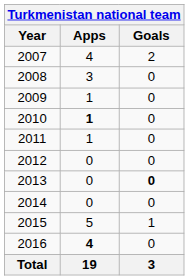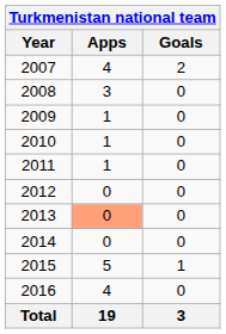 <table class="wikitable" style="text-align:center">
 <tr>
 <th colspan=3><a href='#'>Turkmenistan national team</a></th>
 </tr>
 <tr>
 <th>Year</th>
 <th>Apps</th>
 <th>Goals</th>
 </tr>
 <tr>
 <td>2007</td>
 <td>4</td>
 <td>2</td>
 </tr>
 <tr>
 <td>2008</td>
 <td>3</td>
 <td>0</td>
 </tr>
 <tr>
 <td>2009</td>
 <td>1</td>
 <td>0</td>
 </tr>
 <tr>
 <td>2010</td>
-<td><strong>1</strong></td>
+<td>1</td>
 <td>0</td>
 </tr>
 <tr>
 <td>2011</td>
 <td>1</td>
 <td>0</td>
 </tr>
 <tr>
 <td>2012</td>
 <td>0</td>
 <td>0</td>
 </tr>
 <tr>
 <td>2013</td>
+<td style="background: lightsalmon;">0</td>
 <td>0</td>
-<td><strong>0</strong></td>
 </tr>
 <tr>
 <td>2014</td>
 <td>0</td>
 <td>0</td>
 </tr>
 <tr>
 <td>2015</td>
 <td>5</td>
 <td>1</td>
 </tr>
 <tr>
 <td>2016</td>
-<td><strong>4</strong></td>
+<td>4</td>
 <td>0</td>
 </tr>
 <tr>
 <th>Total</th>
 <th>19</th>
 <th>3</th>
 </tr>
 </table>
